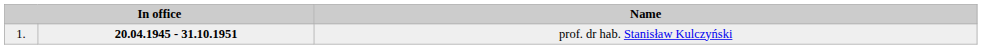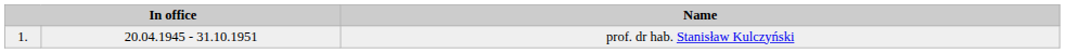 <table class="wikitable" width="">
 <tr align="center" bgcolor="#CCCCCC">
 <td colspan="2" width="14%"><strong>In office</strong></td>
 <td width="30%"><strong>Name</strong></td>
 </tr>
 <tr bgcolor="#EFEFEF">
 <td align=center>1.</td>
-<td align=center><strong>20.04.1945 - 31.10.1951</strong></td>
+<td align=center>20.04.1945 - 31.10.1951</td>
 <td align=center>prof. dr hab. <a href='#'>Stanisław Kulczyński</a></td>
 </tr>
 </table>
